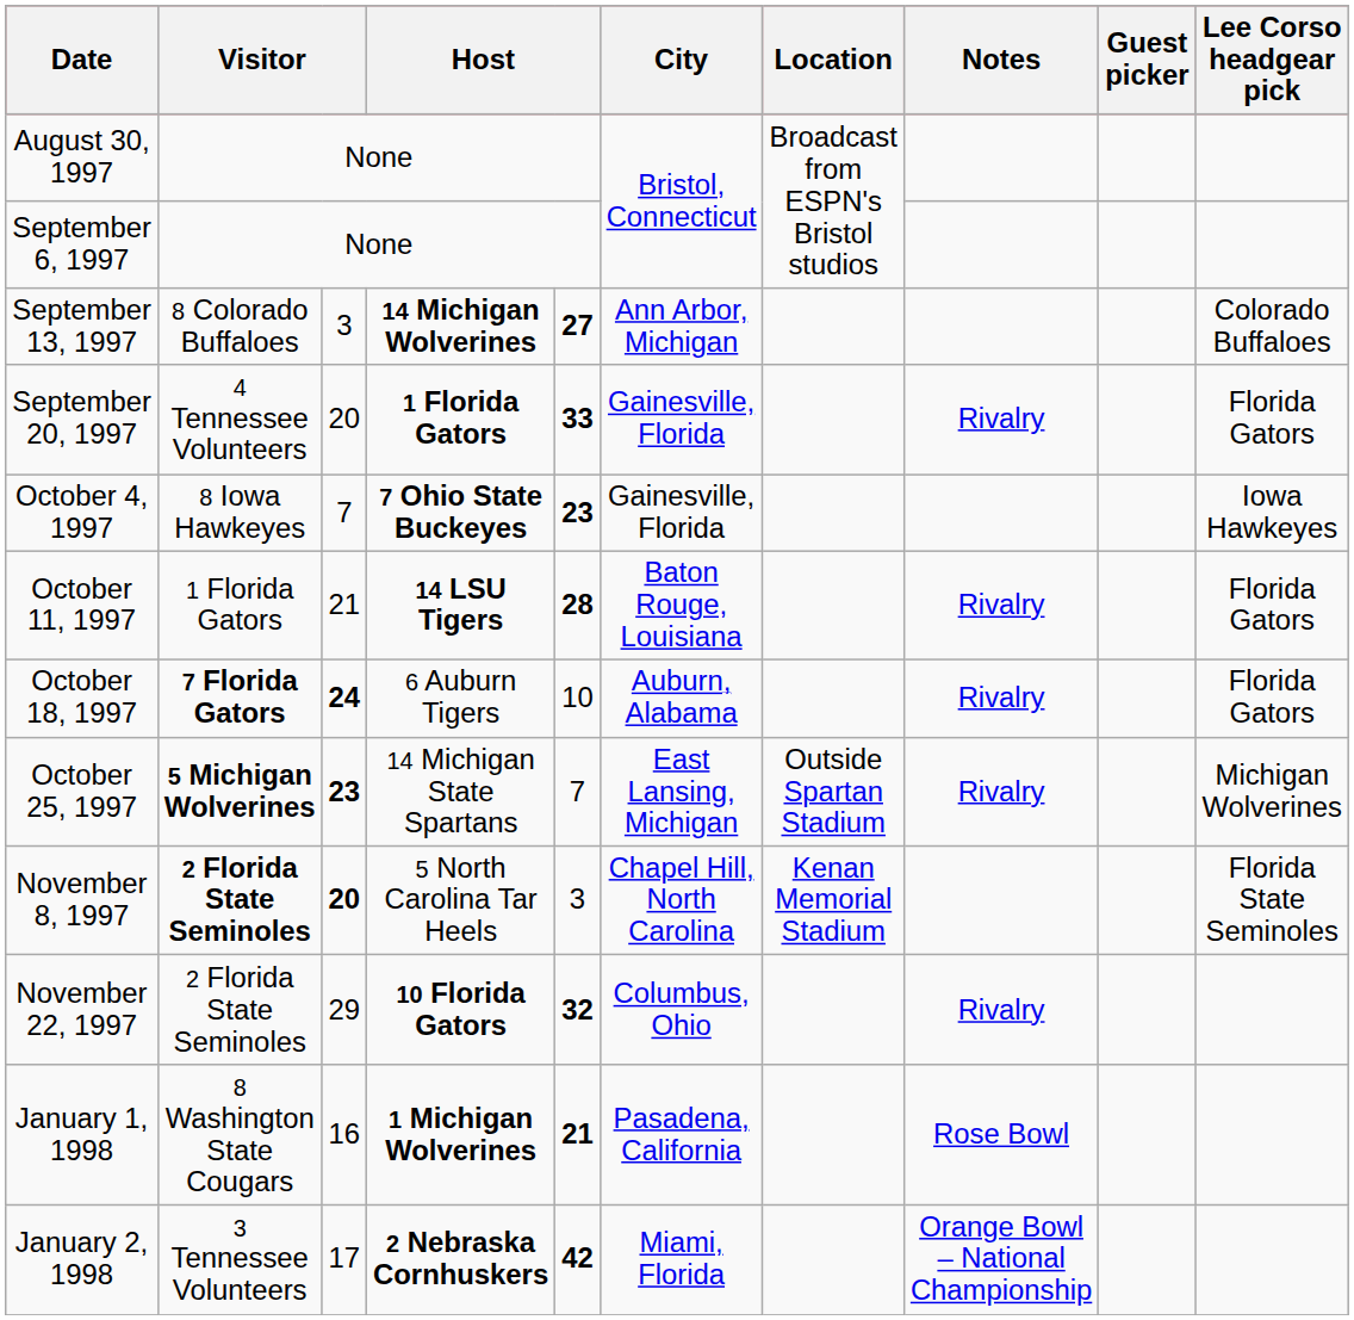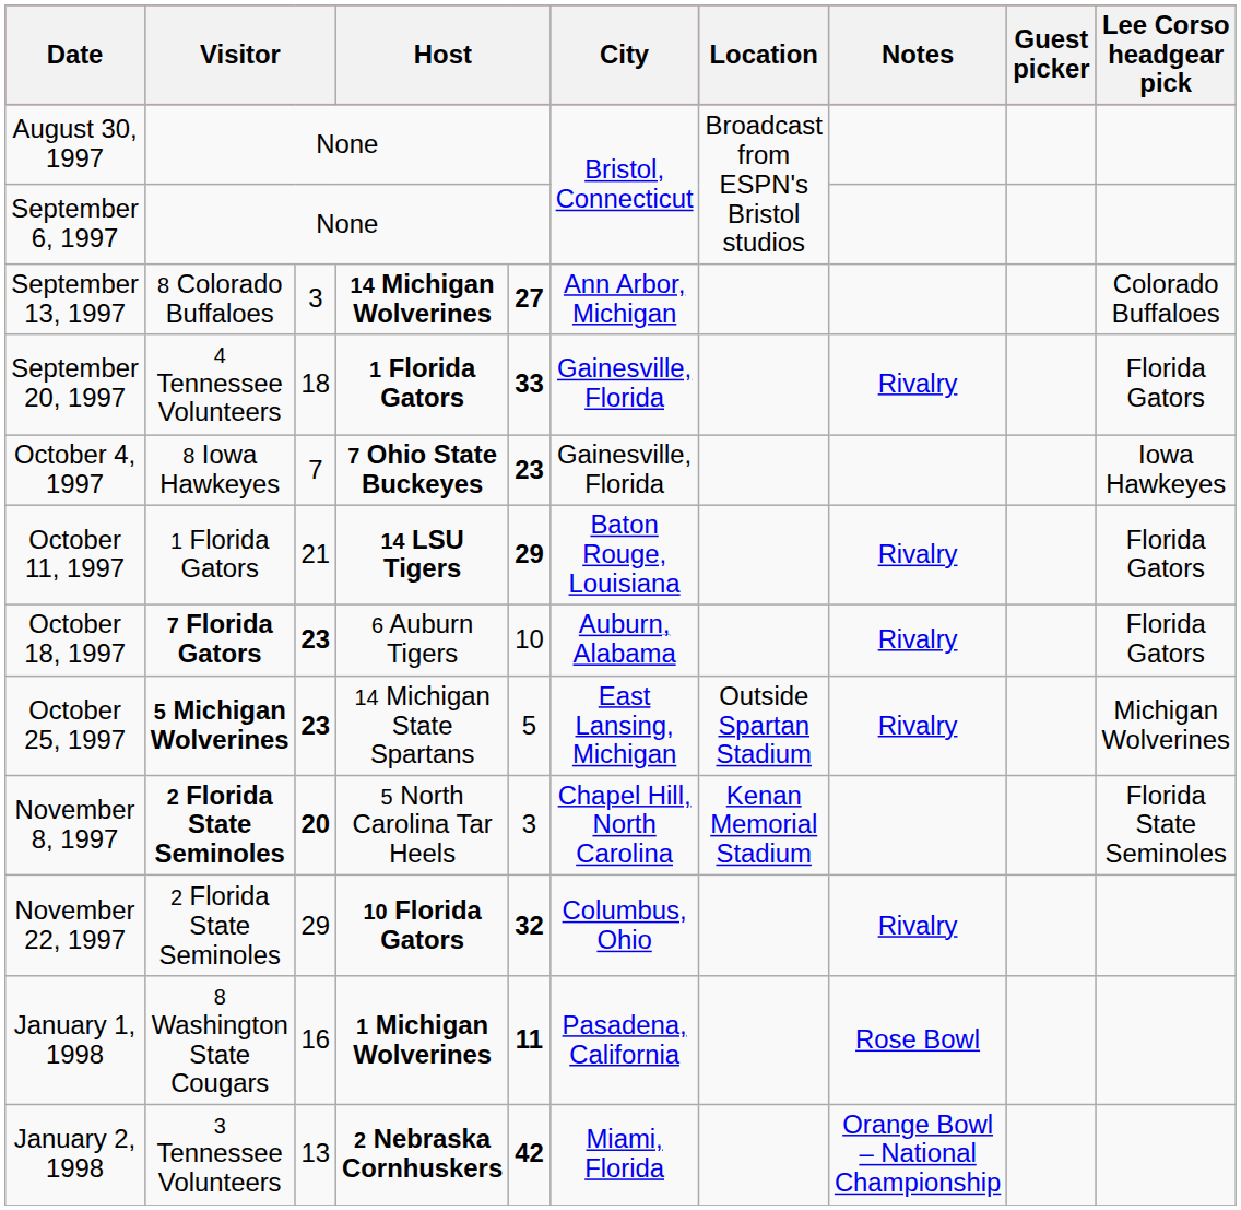 <table class="wikitable" style="text-align:center">
 <tr style="background:#A32638;"|>
 <th>Date</th>
 <th colspan=2>Visitor</th>
 <th colspan=2>Host</th>
 <th>City</th>
 <th>Location</th>
 <th>Notes</th>
 <th>Guest picker</th>
 <th>Lee Corso headgear pick</th>
 </tr>
 <tr>
 <td>August 30, 1997</td>
 <td colspan="4">None</td>
 <td rowspan="2"><a href='#'>Bristol, Connecticut</a></td>
 <td rowspan="2">Broadcast from ESPN's Bristol studios</td>
 <td></td>
 <td></td>
 <td></td>
 </tr>
 <tr>
 <td>September 6, 1997</td>
 <td colspan="4">None</td>
 <td></td>
 <td></td>
 <td></td>
 </tr>
 <tr>
 <td>September 13, 1997</td>
 <td><small>8</small> Colorado Buffaloes</td>
 <td>3</td>
 <td><strong><small>14</small> Michigan Wolverines</strong></td>
 <td><strong>27</strong></td>
 <td><a href='#'>Ann Arbor, Michigan</a></td>
 <td></td>
 <td></td>
 <td></td>
 <td>Colorado Buffaloes</td>
 </tr>
 <tr>
 <td>September 20, 1997</td>
 <td><small>4</small> Tennessee Volunteers</td>
-<td>20</td>
+<td>18</td>
 <td><strong><small>1</small> Florida Gators</strong></td>
 <td><strong>33</strong></td>
 <td><a href='#'>Gainesville, Florida</a></td>
 <td></td>
 <td><a href='#'>Rivalry</a></td>
 <td></td>
 <td>Florida Gators</td>
 </tr>
 <tr>
 <td>October 4, 1997</td>
 <td><small>8</small> Iowa Hawkeyes</td>
 <td>7</td>
 <td><strong><small>7</small> Ohio State Buckeyes</strong></td>
 <td><strong>23</strong></td>
 <td>Gainesville, Florida</td>
 <td></td>
 <td></td>
 <td></td>
 <td>Iowa Hawkeyes</td>
 </tr>
 <tr>
 <td>October 11, 1997</td>
 <td><small>1</small> Florida Gators</td>
 <td>21</td>
 <td><strong><small>14</small> LSU Tigers</strong></td>
-<td><strong>28</strong></td>
+<td><strong>29</strong></td>
 <td><a href='#'>Baton Rouge, Louisiana</a></td>
 <td></td>
 <td><a href='#'>Rivalry</a></td>
 <td></td>
 <td>Florida Gators</td>
 </tr>
 <tr>
 <td>October 18, 1997</td>
 <td><strong><small>7</small> Florida Gators</strong></td>
-<td><strong>24</strong></td>
+<td><strong>23</strong></td>
 <td><small>6</small> Auburn Tigers</td>
 <td>10</td>
 <td><a href='#'>Auburn, Alabama</a></td>
 <td></td>
 <td><a href='#'>Rivalry</a></td>
 <td></td>
 <td>Florida Gators</td>
 </tr>
 <tr>
 <td>October 25, 1997</td>
 <td><strong><small>5</small> Michigan Wolverines</strong></td>
 <td><strong>23</strong></td>
 <td><small>14</small> Michigan State Spartans</td>
-<td>7</td>
+<td>5</td>
 <td><a href='#'>East Lansing, Michigan</a></td>
 <td>Outside <a href='#'>Spartan Stadium</a></td>
 <td><a href='#'>Rivalry</a></td>
 <td></td>
 <td>Michigan Wolverines</td>
 </tr>
 <tr>
 <td>November 8, 1997</td>
 <td><strong><small>2</small> Florida State Seminoles</strong></td>
 <td><strong>20</strong></td>
 <td><small>5</small> North Carolina Tar Heels</td>
 <td>3</td>
 <td><a href='#'>Chapel Hill, North Carolina</a></td>
 <td><a href='#'>Kenan Memorial Stadium</a></td>
 <td></td>
 <td></td>
 <td>Florida State Seminoles</td>
 </tr>
 <tr>
 <td>November 22, 1997</td>
 <td><small>2</small> Florida State Seminoles</td>
 <td>29</td>
 <td><strong><small>10</small> Florida Gators</strong></td>
 <td><strong>32</strong></td>
 <td><a href='#'>Columbus, Ohio</a></td>
 <td></td>
 <td><a href='#'>Rivalry</a></td>
 <td></td>
 <td></td>
 </tr>
 <tr>
 <td>January 1, 1998</td>
 <td><small>8</small> Washington State Cougars</td>
 <td>16</td>
 <td><strong><small>1</small> Michigan Wolverines</strong></td>
-<td><strong>21</strong></td>
+<td><strong>11</strong></td>
 <td><a href='#'>Pasadena, California</a></td>
 <td></td>
 <td><a href='#'>Rose Bowl</a></td>
 <td></td>
 <td></td>
 </tr>
 <tr>
 <td>January 2, 1998</td>
 <td><small>3</small> Tennessee Volunteers</td>
-<td>17</td>
+<td>13</td>
 <td><strong><small>2</small> Nebraska Cornhuskers</strong></td>
 <td><strong>42</strong></td>
 <td><a href='#'>Miami, Florida</a></td>
 <td></td>
 <td><a href='#'>Orange Bowl – National Championship</a></td>
 <td></td>
 <td></td>
 </tr>
 </table>
